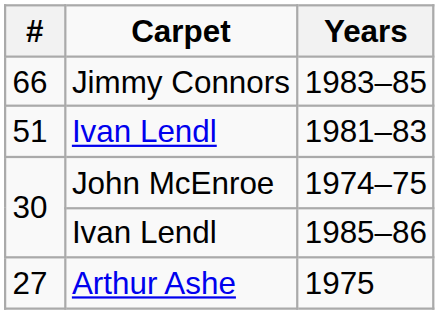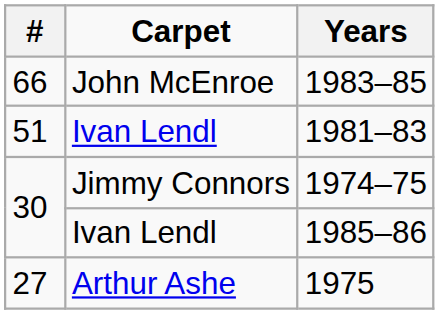 <table class="wikitable" style="display:inline-table; font-size: 88%;">
 <tr>
 <th width=20>#</th>
 <th style="background: transparent;">Carpet</th>
 <th>Years</th>
 </tr>
 <tr>
 <td>66</td>
-<td> Jimmy Connors</td>
+<td> John McEnroe</td>
 <td>1983–85</td>
 </tr>
 <tr>
 <td>51</td>
 <td> <a href='#'>Ivan Lendl</a></td>
 <td>1981–83</td>
 </tr>
 <tr>
 <td rowspan=2>30</td>
-<td> John McEnroe</td>
+<td> Jimmy Connors</td>
 <td>1974–75</td>
 </tr>
 <tr>
 <td> Ivan Lendl</td>
 <td>1985–86</td>
 </tr>
 <tr>
 <td>27</td>
 <td> <a href='#'>Arthur Ashe</a></td>
 <td>1975</td>
 </tr>
 </table>
